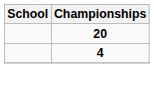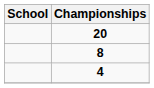 <table class="wikitable sortable" style="text-align:center">
 <tr>
 <th>School</th>
 <th>Championships</th>
 </tr>
 <tr>
 <td><strong><a href='#'></a></strong></td>
 <td><strong>20</strong></td>
 </tr>
 <tr>
 <td><strong><a href='#'></a></strong></td>
+<td><strong>8</strong></td>
+</tr>
+<tr>
+<td><strong><a href='#'></a></strong></td>
 <td><strong>4</strong></td>
 </tr>
 <tr>
 </tr>
 </table>
